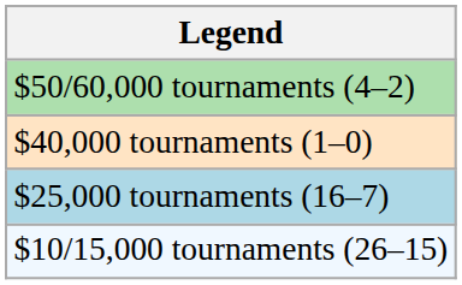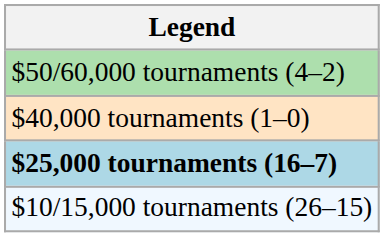 <table class="wikitable" style="font-size:85%">
 <tr>
 <th>Legend</th>
 </tr>
 <tr style="background:#addfad;">
 <td>$50/60,000 tournaments (4–2)</td>
 </tr>
 <tr style="background:#ffe4c4;">
 <td>$40,000 tournaments (1–0)</td>
 </tr>
 <tr style="background:lightblue;">
-<td>$25,000 tournaments (16–7)</td>
+<td><strong>$25,000 tournaments (16–7)</strong></td>
 </tr>
 <tr style="background:#f0f8ff;">
 <td>$10/15,000 tournaments (26–15)</td>
 </tr>
 </table>
